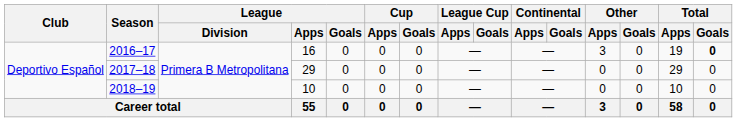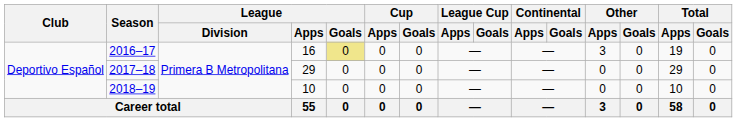 <table class="wikitable" style="text-align:center">
 <tr>
 <th rowspan="2">Club</th>
 <th rowspan="2">Season</th>
 <th colspan="3">League</th>
 <th colspan="2">Cup</th>
 <th colspan="2">League Cup</th>
 <th colspan="2">Continental</th>
 <th colspan="2">Other</th>
 <th colspan="2">Total</th>
 </tr>
 <tr>
 <th>Division</th>
 <th>Apps</th>
 <th>Goals</th>
 <th>Apps</th>
 <th>Goals</th>
 <th>Apps</th>
 <th>Goals</th>
 <th>Apps</th>
 <th>Goals</th>
 <th>Apps</th>
 <th>Goals</th>
 <th>Apps</th>
 <th>Goals</th>
 </tr>
 <tr>
 <td rowspan="3"><a href='#'>Deportivo Español</a></td>
 <td><a href='#'>2016–17</a></td>
 <td rowspan="3"><a href='#'>Primera B Metropolitana</a></td>
 <td>16</td>
-<td>0</td>
+<td style="background: khaki;">0</td>
 <td>0</td>
 <td>0</td>
 <td colspan="2">—</td>
 <td colspan="2">—</td>
 <td>3</td>
 <td>0</td>
 <td>19</td>
-<td><strong>0</strong></td>
+<td>0</td>
 </tr>
 <tr>
 <td><a href='#'>2017–18</a></td>
 <td>29</td>
 <td>0</td>
 <td>0</td>
 <td>0</td>
 <td colspan="2">—</td>
 <td colspan="2">—</td>
 <td>0</td>
 <td>0</td>
 <td>29</td>
 <td>0</td>
 </tr>
 <tr>
 <td><a href='#'>2018–19</a></td>
 <td>10</td>
 <td>0</td>
 <td>0</td>
 <td>0</td>
 <td colspan="2">—</td>
 <td colspan="2">—</td>
 <td>0</td>
 <td>0</td>
 <td>10</td>
 <td>0</td>
 </tr>
 <tr>
 <th colspan="3">Career total</th>
 <th>55</th>
 <th>0</th>
 <th>0</th>
 <th>0</th>
 <th colspan="2">—</th>
 <th colspan="2">—</th>
 <th>3</th>
 <th>0</th>
 <th>58</th>
 <th>0</th>
 </tr>
 </table>
